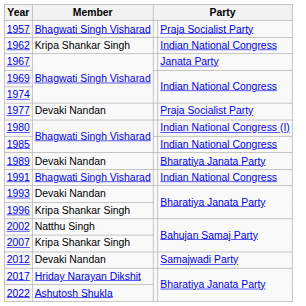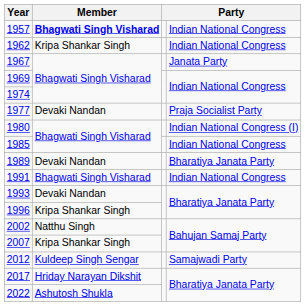 <table class="wikitable">
 <tr>
 <th>Year</th>
 <th>Member</th>
 <th colspan="2">Party</th>
 </tr>
 <tr>
 <td><a href='#'>1957</a></td>
-<td><a href='#'>Bhagwati Singh Visharad</a></td>
+<td><strong><a href='#'>Bhagwati Singh Visharad</a></strong></td>
 <td style="background-color: "></td>
-<td><a href='#'>Praja Socialist Party</a></td>
+<td><a href='#'>Indian National Congress</a></td>
 </tr>
 <tr>
 <td><a href='#'>1962</a></td>
 <td>Kripa Shankar Singh</td>
 <td style="background-color: "></td>
 <td><a href='#'>Indian National Congress</a></td>
 </tr>
 <tr>
 <td><a href='#'>1967</a></td>
 <td rowspan="3"><a href='#'>Bhagwati Singh Visharad</a></td>
 <td style="background-color: "></td>
 <td><a href='#'>Janata Party</a></td>
 </tr>
 <tr>
 <td><a href='#'>1969</a></td>
 <td rowspan="2" style="background-color: "></td>
 <td rowspan="2"><a href='#'>Indian National Congress</a></td>
 </tr>
 <tr>
 <td><a href='#'>1974</a></td>
 </tr>
 <tr>
 <td><a href='#'>1977</a></td>
 <td>Devaki Nandan</td>
 <td style="background-color: "></td>
 <td><a href='#'>Praja Socialist Party</a></td>
 </tr>
 <tr>
 <td><a href='#'>1980</a></td>
 <td rowspan="2"><a href='#'>Bhagwati Singh Visharad</a></td>
 <td style="background-color: "></td>
 <td><a href='#'>Indian National Congress (I)</a></td>
 </tr>
 <tr>
 <td><a href='#'>1985</a></td>
 <td style="background-color: "></td>
 <td><a href='#'>Indian National Congress</a></td>
 </tr>
 <tr>
 <td><a href='#'>1989</a></td>
 <td>Devaki Nandan</td>
 <td style="background-color: "></td>
 <td><a href='#'>Bharatiya Janata Party</a></td>
 </tr>
 <tr>
 <td><a href='#'>1991</a></td>
 <td><a href='#'>Bhagwati Singh Visharad</a></td>
 <td style="background-color: "></td>
 <td><a href='#'>Indian National Congress</a></td>
 </tr>
 <tr>
 <td><a href='#'>1993</a></td>
 <td>Devaki Nandan</td>
 <td rowspan="2" style="background-color: "></td>
 <td rowspan="2"><a href='#'>Bharatiya Janata Party</a></td>
 </tr>
 <tr>
 <td><a href='#'>1996</a></td>
 <td>Kripa Shankar Singh</td>
 </tr>
 <tr>
 <td><a href='#'>2002</a></td>
 <td>Natthu Singh</td>
 <td rowspan="2" style="background-color: "></td>
 <td rowspan="2"><a href='#'>Bahujan Samaj Party</a></td>
 </tr>
 <tr>
 <td><a href='#'>2007</a></td>
 <td>Kripa Shankar Singh</td>
 </tr>
 <tr>
 <td><a href='#'>2012</a></td>
-<td>Devaki Nandan</td>
+<td><a href='#'>Kuldeep Singh Sengar</a></td>
 <td style="background-color: "></td>
 <td><a href='#'>Samajwadi Party</a></td>
 </tr>
 <tr>
 <td><a href='#'>2017</a></td>
 <td><a href='#'>Hriday Narayan Dikshit</a></td>
 <td rowspan="2" style="background-color: "></td>
 <td rowspan="2"><a href='#'>Bharatiya Janata Party</a></td>
 </tr>
 <tr>
 <td><a href='#'>2022</a></td>
 <td><a href='#'>Ashutosh Shukla</a></td>
 </tr>
 </table>
